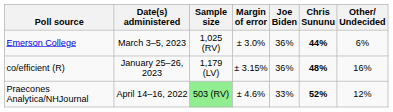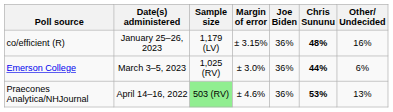 <table class="wikitable sortable mw-datatable" style="font-size:90%;text-align:center;line-height:17px">
 <tr valign=bottom>
 <th>Poll source</th>
 <th>Date(s)<br>administered</th>
 <th>Sample<br>size</th>
 <th>Margin<br>of error</th>
 <th class="unsortable">Joe<br>Biden<br></th>
 <th class="unsortable">Chris<br>Sununu<br></th>
 <th class="unsortable">Other/<br>Undecided</th>
 </tr>
 <tr>
+<td style="text-align:left;">co/efficient (R)</td>
+<td data-sort-value="2023-01-26">January 25–26, 2023</td>
+<td>1,179 (LV)</td>
+<td>± 3.15%</td>
+<td>36%</td>
+<td style="background-color:"><strong>48%</strong></td>
+<td>16%</td>
+</tr>
+<tr>
 <td style="text-align:left;"><a href='#'>Emerson College</a></td>
 <td data-sort-value="2023-03-05">March 3–5, 2023</td>
 <td>1,025 (RV)</td>
 <td>± 3.0%</td>
 <td>36%</td>
 <td style="background-color:"><strong>44%</strong></td>
 <td>6%</td>
 </tr>
 <tr>
-<td style="text-align:left;">co/efficient (R)</td>
-<td data-sort-value="2023-01-26">January 25–26, 2023</td>
-<td>1,179 (LV)</td>
-<td>± 3.15%</td>
-<td>36%</td>
-<td style="background-color:"><strong>48%</strong></td>
-<td>16%</td>
-</tr>
-<tr>
 <td style="text-align:left;">Praecones Analytica/NHJournal</td>
 <td data-sort-value="2022-04-16">April 14–16, 2022</td>
 <td style="background: lightgreen;">503 (RV)</td>
 <td>± 4.6%</td>
-<td>33%</td>
-<td style="background-color:"><strong>52%</strong></td>
-<td>12%</td>
+<td>36%</td>
+<td style="background-color:"><strong>53%</strong></td>
+<td>13%</td>
 </tr>
 </table>
